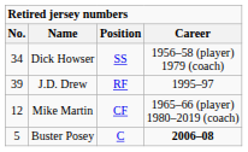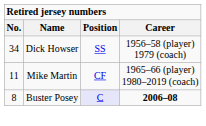 <table class="wikitable">
 <tr>
 <td colspan="4"><strong>Retired jersey numbers</strong></td>
 </tr>
 <tr>
 <th>No.</th>
 <th>Name</th>
 <th>Position</th>
 <th>Career</th>
 </tr>
 <tr style="text-align:center;">
 <td>34</td>
 <td>Dick Howser</td>
 <td><a href='#'>SS</a></td>
 <td>1956–58 (player)<br>1979 (coach)</td>
 </tr>
 <tr style="text-align:center;">
-<td>39</td>
-<td>J.D. Drew</td>
-<td><a href='#'>RF</a></td>
-<td>1995–97</td>
-</tr>
-<tr style="text-align:center;">
-<td>12</td>
+<td>11</td>
 <td>Mike Martin</td>
 <td><a href='#'>CF</a></td>
 <td>1965–66 (player)<br>1980–2019 (coach)</td>
 </tr>
 <tr style="text-align:center;">
-<td>5</td>
+<td>8</td>
 <td>Buster Posey</td>
-<td><a href='#'>C</a></td>
+<td style="background: lavender;"><a href='#'>C</a></td>
 <td><strong>2006–08</strong></td>
 </tr>
 </table>
